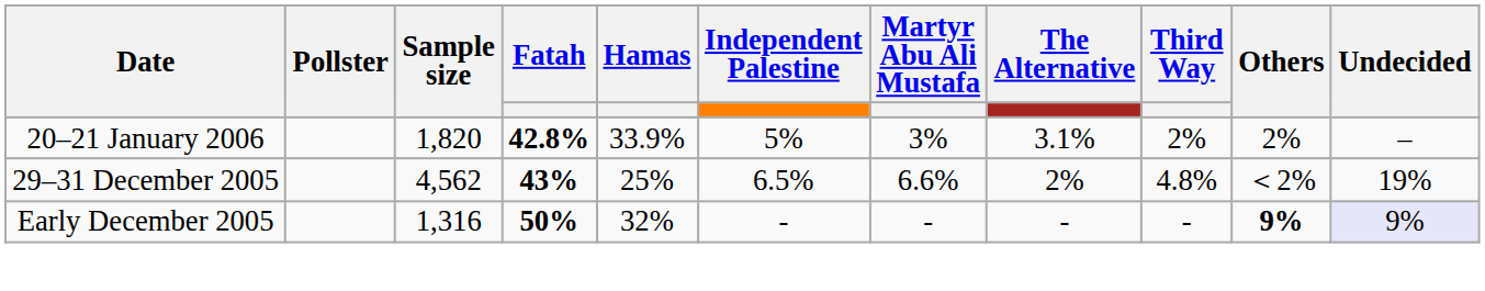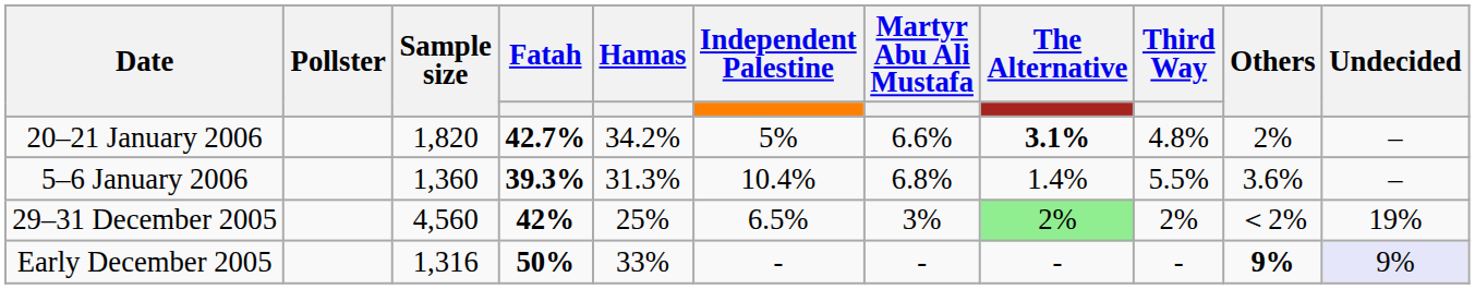 <table class=wikitable style="text-align:center;font-size:85%;line-height:13px">
 <tr>
 <th rowspan="2">Date</th>
 <th rowspan="2">Pollster</th>
 <th rowspan="2">Sample<br>size</th>
 <th style="width:35px;"><a href='#'>Fatah</a></th>
 <th style="width:35px;"><a href='#'>Hamas</a></th>
 <th style="width:35px;"><a href='#'>Independent Palestine</a></th>
 <th style="width:35px;"><a href='#'>Martyr Abu Ali Mustafa</a></th>
 <th style="width:35px;"><a href='#'>The Alternative</a></th>
 <th style="width:35px;"><a href='#'>Third Way</a></th>
 <th style="width:35px;" rowspan="2">Others</th>
 <th style="width:35px;" rowspan="2">Undecided</th>
 </tr>
 <tr>
 <th style="background:"></th>
 <th style="background:"></th>
 <th style="background:#FF7F00;"></th>
 <th style="background:"></th>
 <th style="background:#A6241F;"></th>
 <th style="background:"></th>
 </tr>
 <tr>
 <td>20–21 January 2006</td>
 <td></td>
 <td>1,820</td>
-<td style="background:"><strong>42.8%</strong></td>
-<td>33.9%</td>
+<td style="background:"><strong>42.7%</strong></td>
+<td>34.2%</td>
 <td>5%</td>
-<td>3%</td>
-<td>3.1%</td>
+<td>6.6%</td>
+<td><strong>3.1%</strong></td>
+<td>4.8%</td>
 <td>2%</td>
-<td>2%</td>
+<td>–</td>
+</tr>
+<tr>
+<td>5–6 January 2006</td>
+<td></td>
+<td>1,360</td>
+<td style="background:"><strong>39.3%</strong></td>
+<td>31.3%</td>
+<td>10.4%</td>
+<td>6.8%</td>
+<td>1.4%</td>
+<td>5.5%</td>
+<td>3.6%</td>
 <td>–</td>
 </tr>
 <tr>
 <td>29–31 December 2005</td>
 <td></td>
-<td>4,562</td>
-<td style="background:"><strong>43%</strong></td>
+<td>4,560</td>
+<td style="background:"><strong>42%</strong></td>
 <td>25%</td>
 <td>6.5%</td>
-<td>6.6%</td>
+<td>3%</td>
+<td style="background: lightgreen;">2%</td>
 <td>2%</td>
-<td>4.8%</td>
 <td>＜2%</td>
 <td>19%</td>
 </tr>
 <tr>
 <td>Early December 2005</td>
 <td></td>
 <td>1,316</td>
 <td style="background:"><strong>50%</strong></td>
-<td>32%</td>
+<td>33%</td>
 <td>-</td>
 <td>-</td>
 <td>-</td>
 <td>-</td>
 <td><strong>9%</strong></td>
 <td style="background: lavender;">9%</td>
 </tr>
 </table>
